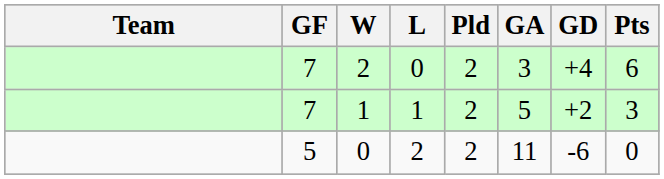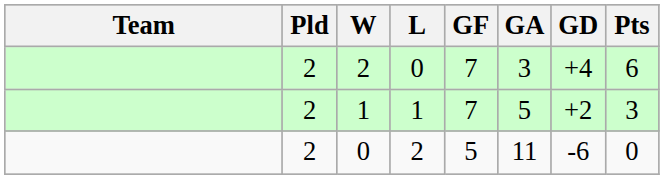 <table class="wikitable" style="text-align:center;">
 <tr>
 <th width=160>Team</th>
-<th width=25>GF</th>
+<th width=25>Pld</th>
 <th width=25>W</th>
 <th width=25>L</th>
-<th width=25>Pld</th>
+<th width=25>GF</th>
 <th width=25>GA</th>
 <th width=25>GD</th>
 <th width=25>Pts</th>
 </tr>
 <tr style="background:#ccffcc;">
 <td align=left></td>
-<td>7</td>
+<td>2</td>
 <td>2</td>
 <td>0</td>
-<td>2</td>
+<td>7</td>
 <td>3</td>
 <td>+4</td>
 <td>6</td>
 </tr>
 <tr style="background:#ccffcc;">
 <td align=left></td>
-<td>7</td>
+<td>2</td>
 <td>1</td>
 <td>1</td>
-<td>2</td>
+<td>7</td>
 <td>5</td>
 <td>+2</td>
 <td>3</td>
 </tr>
 <tr>
 <td align=left></td>
-<td>5</td>
+<td>2</td>
 <td>0</td>
 <td>2</td>
-<td>2</td>
+<td>5</td>
 <td>11</td>
 <td>-6</td>
 <td>0</td>
 </tr>
 </table>
